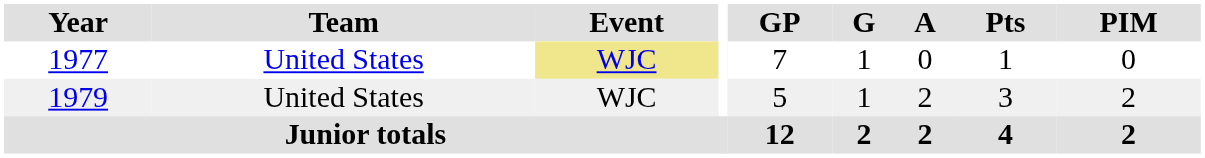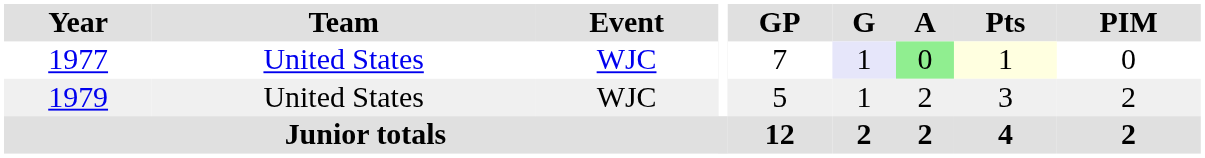 <table border="0" cellpadding="1" cellspacing="0" ID="Table3" style="text-align:center; width:40em">
 <tr bgcolor="#e0e0e0">
 <th>Year</th>
 <th>Team</th>
 <th>Event</th>
 <th rowspan="102" bgcolor="#ffffff"></th>
 <th>GP</th>
 <th>G</th>
 <th>A</th>
 <th>Pts</th>
 <th>PIM</th>
 </tr>
 <tr>
 <td><a href='#'>1977</a></td>
 <td><a href='#'>United States</a></td>
-<td style="background: khaki;"><a href='#'>WJC</a></td>
+<td><a href='#'>WJC</a></td>
 <td>7</td>
-<td>1</td>
-<td>0</td>
-<td>1</td>
+<td style="background: lavender;">1</td>
+<td style="background: lightgreen;">0</td>
+<td style="background: lightyellow;">1</td>
 <td>0</td>
 </tr>
 <tr bgcolor="#f0f0f0">
 <td><a href='#'>1979</a></td>
 <td>United States</td>
 <td>WJC</td>
 <td>5</td>
 <td>1</td>
 <td>2</td>
 <td>3</td>
 <td>2</td>
 </tr>
 <tr bgcolor="#e0e0e0">
 <th colspan="4">Junior totals</th>
 <th>12</th>
 <th>2</th>
 <th>2</th>
 <th>4</th>
 <th>2</th>
 </tr>
 </table>
